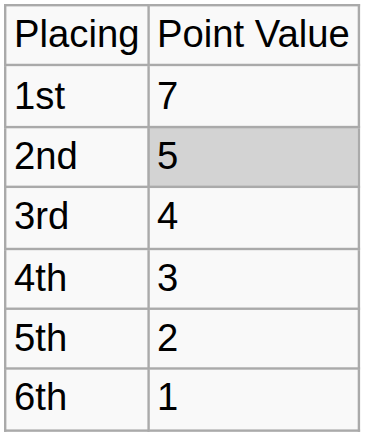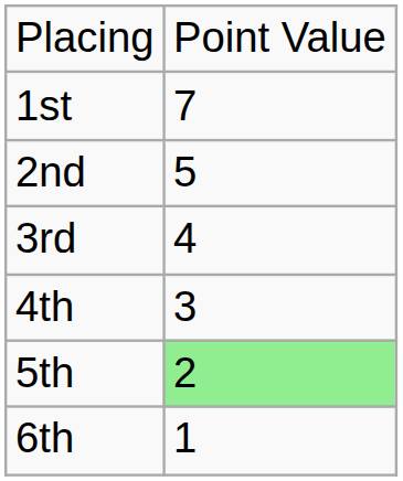 <table class="wikitable">
 <tr>
 <td>Placing</td>
 <td>Point Value</td>
 </tr>
 <tr>
 <td>1st</td>
 <td>7</td>
 </tr>
 <tr>
 <td>2nd</td>
-<td style="background: lightgrey;">5</td>
+<td>5</td>
 </tr>
 <tr>
 <td>3rd</td>
 <td>4</td>
 </tr>
 <tr>
 <td>4th</td>
 <td>3</td>
 </tr>
 <tr>
 <td>5th</td>
-<td>2</td>
+<td style="background: lightgreen;">2</td>
 </tr>
 <tr>
 <td>6th</td>
 <td>1</td>
 </tr>
 </table>
